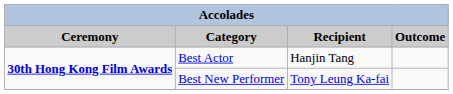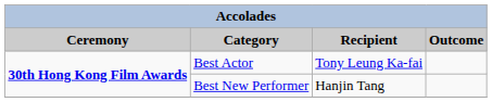 <table class="wikitable" style="font-size:95%;" ;>
 <tr style="background:#ccc; text-align:center;">
 <th colspan="4" style="background: LightSteelBlue;">Accolades</th>
 </tr>
 <tr style="background:#ccc; text-align:center;">
 <th style="background:#ccc">Ceremony</th>
 <th style="background:#ccc">Category</th>
 <th style="background:#ccc">Recipient</th>
 <th style="background:#ccc">Outcome</th>
 </tr>
 <tr>
 <td rowspan=2><strong><a href='#'>30th Hong Kong Film Awards</a></strong></td>
 <td><a href='#'>Best Actor</a></td>
-<td>Hanjin Tang</td>
+<td><a href='#'>Tony Leung Ka-fai</a></td>
 <td></td>
 </tr>
 <tr>
 <td><a href='#'>Best New Performer</a></td>
-<td><a href='#'>Tony Leung Ka-fai</a></td>
+<td>Hanjin Tang</td>
 <td></td>
 </tr>
 <tr>
 </tr>
 </table>
